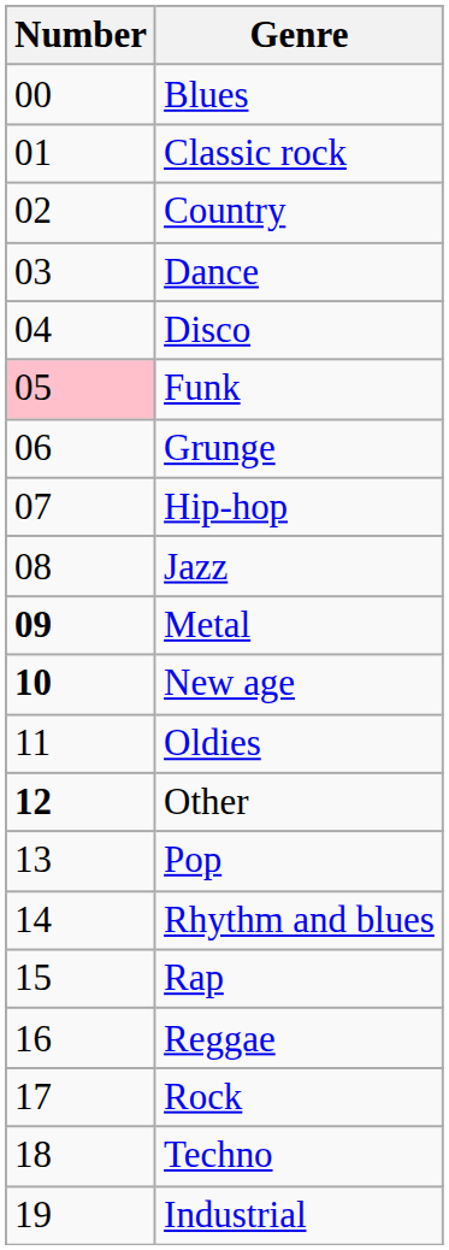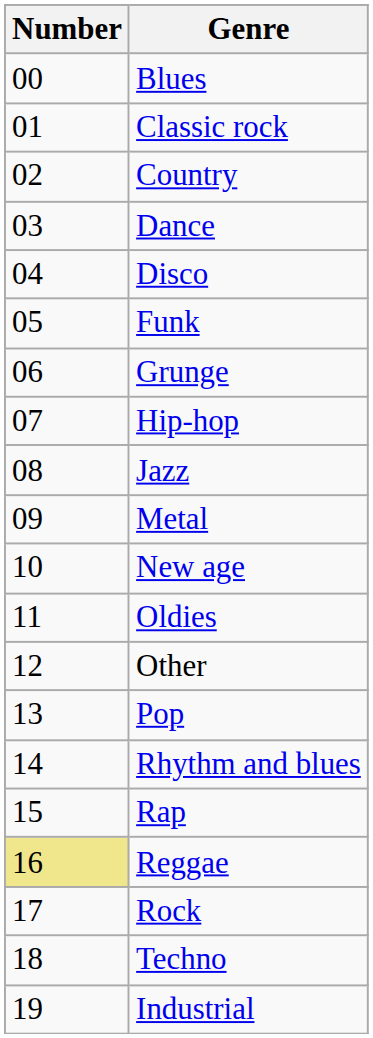 <table class="wikitable">
 <tr>
 <th>Number</th>
 <th>Genre</th>
 </tr>
 <tr>
 <td>00</td>
 <td><a href='#'>Blues</a></td>
 </tr>
 <tr>
 <td>01</td>
 <td><a href='#'>Classic rock</a></td>
 </tr>
 <tr>
 <td>02</td>
 <td><a href='#'>Country</a></td>
 </tr>
 <tr>
 <td>03</td>
 <td><a href='#'>Dance</a></td>
 </tr>
 <tr>
 <td>04</td>
 <td><a href='#'>Disco</a></td>
 </tr>
 <tr>
-<td style="background: pink;">05</td>
+<td>05</td>
 <td><a href='#'>Funk</a></td>
 </tr>
 <tr>
 <td>06</td>
 <td><a href='#'>Grunge</a></td>
 </tr>
 <tr>
 <td>07</td>
 <td><a href='#'>Hip-hop</a></td>
 </tr>
 <tr>
 <td>08</td>
 <td><a href='#'>Jazz</a></td>
 </tr>
 <tr>
-<td><strong>09</strong></td>
+<td>09</td>
 <td><a href='#'>Metal</a></td>
 </tr>
 <tr>
-<td><strong>10</strong></td>
+<td>10</td>
 <td><a href='#'>New age</a></td>
 </tr>
 <tr>
 <td>11</td>
 <td><a href='#'>Oldies</a></td>
 </tr>
 <tr>
-<td><strong>12</strong></td>
+<td>12</td>
 <td>Other</td>
 </tr>
 <tr>
 <td>13</td>
 <td><a href='#'>Pop</a></td>
 </tr>
 <tr>
 <td>14</td>
 <td><a href='#'>Rhythm and blues</a></td>
 </tr>
 <tr>
 <td>15</td>
 <td><a href='#'>Rap</a></td>
 </tr>
 <tr>
-<td>16</td>
+<td style="background: khaki;">16</td>
 <td><a href='#'>Reggae</a></td>
 </tr>
 <tr>
 <td>17</td>
 <td><a href='#'>Rock</a></td>
 </tr>
 <tr>
 <td>18</td>
 <td><a href='#'>Techno</a></td>
 </tr>
 <tr>
 <td>19</td>
 <td><a href='#'>Industrial</a></td>
 </tr>
 </table>
